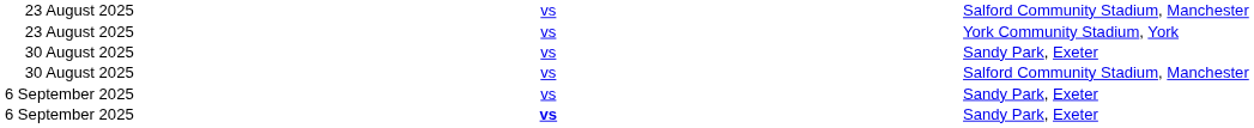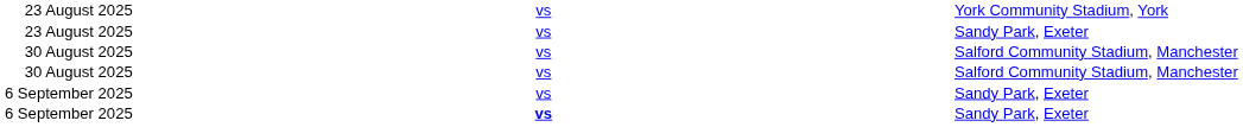 <table style="width:100%" cellspacing="1">
 <tr>
 <th width=15%></th>
 <th width=25%></th>
 <th width=10%></th>
 <th width=25%></th>
 </tr>
 <tr style=font-size:90%>
 <td align=right>23 August 2025</td>
 <td align=right></td>
 <td align=center><a href='#'>vs</a></td>
 <td></td>
-<td><a href='#'>Salford Community Stadium</a>, <a href='#'>Manchester</a></td>
+<td><a href='#'>York Community Stadium</a>, <a href='#'>York</a></td>
 </tr>
 <tr style=font-size:90%>
 <td align=right>23 August 2025</td>
 <td align=right></td>
 <td align=center><a href='#'>vs</a></td>
 <td></td>
-<td><a href='#'>York Community Stadium</a>, <a href='#'>York</a></td>
+<td><a href='#'>Sandy Park</a>, <a href='#'>Exeter</a></td>
 </tr>
 <tr style=font-size:90%>
 <td align=right>30 August 2025</td>
 <td align=right></td>
 <td align=center><a href='#'>vs</a></td>
 <td></td>
-<td><a href='#'>Sandy Park</a>, <a href='#'>Exeter</a></td>
+<td><a href='#'>Salford Community Stadium</a>, <a href='#'>Manchester</a></td>
 </tr>
 <tr style=font-size:90%>
 <td align=right>30 August 2025</td>
 <td align=right></td>
 <td align=center><a href='#'>vs</a></td>
 <td></td>
 <td><a href='#'>Salford Community Stadium</a>, <a href='#'>Manchester</a></td>
 </tr>
 <tr style=font-size:90%>
 <td align=right>6 September 2025</td>
 <td align=right></td>
 <td align=center><a href='#'>vs</a></td>
 <td></td>
 <td><a href='#'>Sandy Park</a>, <a href='#'>Exeter</a></td>
 </tr>
 <tr style=font-size:90%>
 <td align=right>6 September 2025</td>
 <td align=right></td>
 <td align=center><strong><a href='#'>vs</a></strong></td>
 <td></td>
 <td><a href='#'>Sandy Park</a>, <a href='#'>Exeter</a></td>
 </tr>
 </table>
